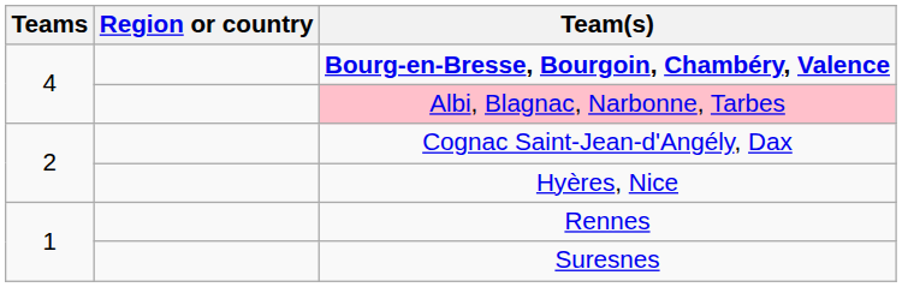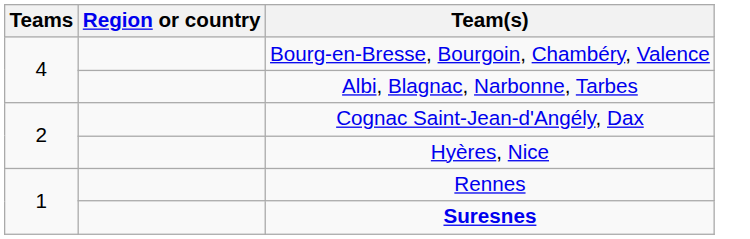 <table class="wikitable" style="text-align:center">
 <tr>
 <th>Teams</th>
 <th><a href='#'>Region</a> or country</th>
 <th>Team(s)</th>
 </tr>
 <tr>
 <td rowspan="2">4</td>
 <td align="left"></td>
-<td><strong><a href='#'>Bourg-en-Bresse</a>, <a href='#'>Bourgoin</a>, <a href='#'>Chambéry</a>, <a href='#'>Valence</a></strong></td>
+<td><a href='#'>Bourg-en-Bresse</a>, <a href='#'>Bourgoin</a>, <a href='#'>Chambéry</a>, <a href='#'>Valence</a></td>
 </tr>
 <tr>
 <td align="left"></td>
-<td style="background: pink;"><a href='#'>Albi</a>, <a href='#'>Blagnac</a>, <a href='#'>Narbonne</a>, <a href='#'>Tarbes</a></td>
+<td><a href='#'>Albi</a>, <a href='#'>Blagnac</a>, <a href='#'>Narbonne</a>, <a href='#'>Tarbes</a></td>
 </tr>
 <tr>
 <td rowspan="2">2</td>
 <td align="left"></td>
 <td><a href='#'>Cognac Saint-Jean-d'Angély</a>, <a href='#'>Dax</a></td>
 </tr>
 <tr>
 <td align="left"></td>
 <td><a href='#'>Hyères</a>, <a href='#'>Nice</a></td>
 </tr>
 <tr>
 <td rowspan="2">1</td>
 <td align="left"></td>
 <td><a href='#'>Rennes</a></td>
 </tr>
 <tr>
 <td align="left"></td>
-<td><a href='#'>Suresnes</a></td>
+<td><strong><a href='#'>Suresnes</a></strong></td>
 </tr>
 </table>
